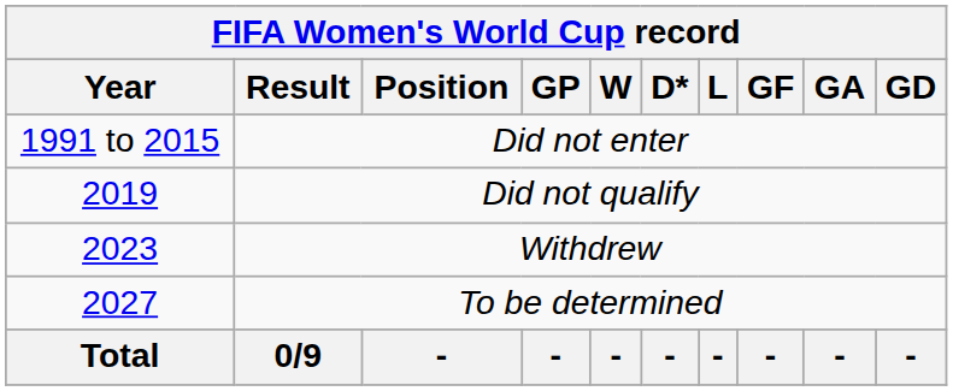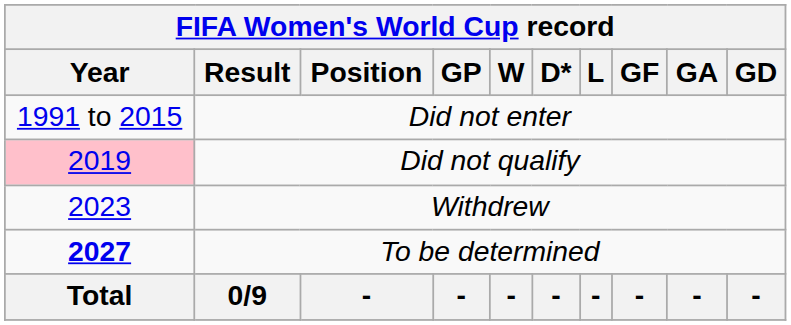 <table class="wikitable" style="text-align: center; width:50%;">
 <tr>
 <th colspan=10><a href='#'>FIFA Women's World Cup</a> record</th>
 </tr>
 <tr>
 <th>Year</th>
 <th>Result</th>
 <th>Position</th>
 <th>GP</th>
 <th>W</th>
 <th>D*</th>
 <th>L</th>
 <th>GF</th>
 <th>GA</th>
 <th>GD</th>
 </tr>
 <tr>
 <td> <a href='#'>1991</a> to  <a href='#'>2015</a></td>
 <td colspan=9><em>Did not enter</em></td>
 </tr>
 <tr>
-<td> <a href='#'>2019</a></td>
+<td style="background: pink;"> <a href='#'>2019</a></td>
 <td colspan=9><em>Did not qualify</em></td>
 </tr>
 <tr>
 <td> <a href='#'>2023</a></td>
 <td colspan=9><em>Withdrew</em></td>
 </tr>
 <tr>
-<td> <a href='#'>2027</a></td>
+<td><strong> <a href='#'>2027</a></strong></td>
 <td colspan=9><em>To be determined</em></td>
 </tr>
 <tr>
 <th>Total</th>
 <th>0/9</th>
 <th>-</th>
 <th>-</th>
 <th>-</th>
 <th>-</th>
 <th>-</th>
 <th>-</th>
 <th>-</th>
 <th>-</th>
 </tr>
 </table>
